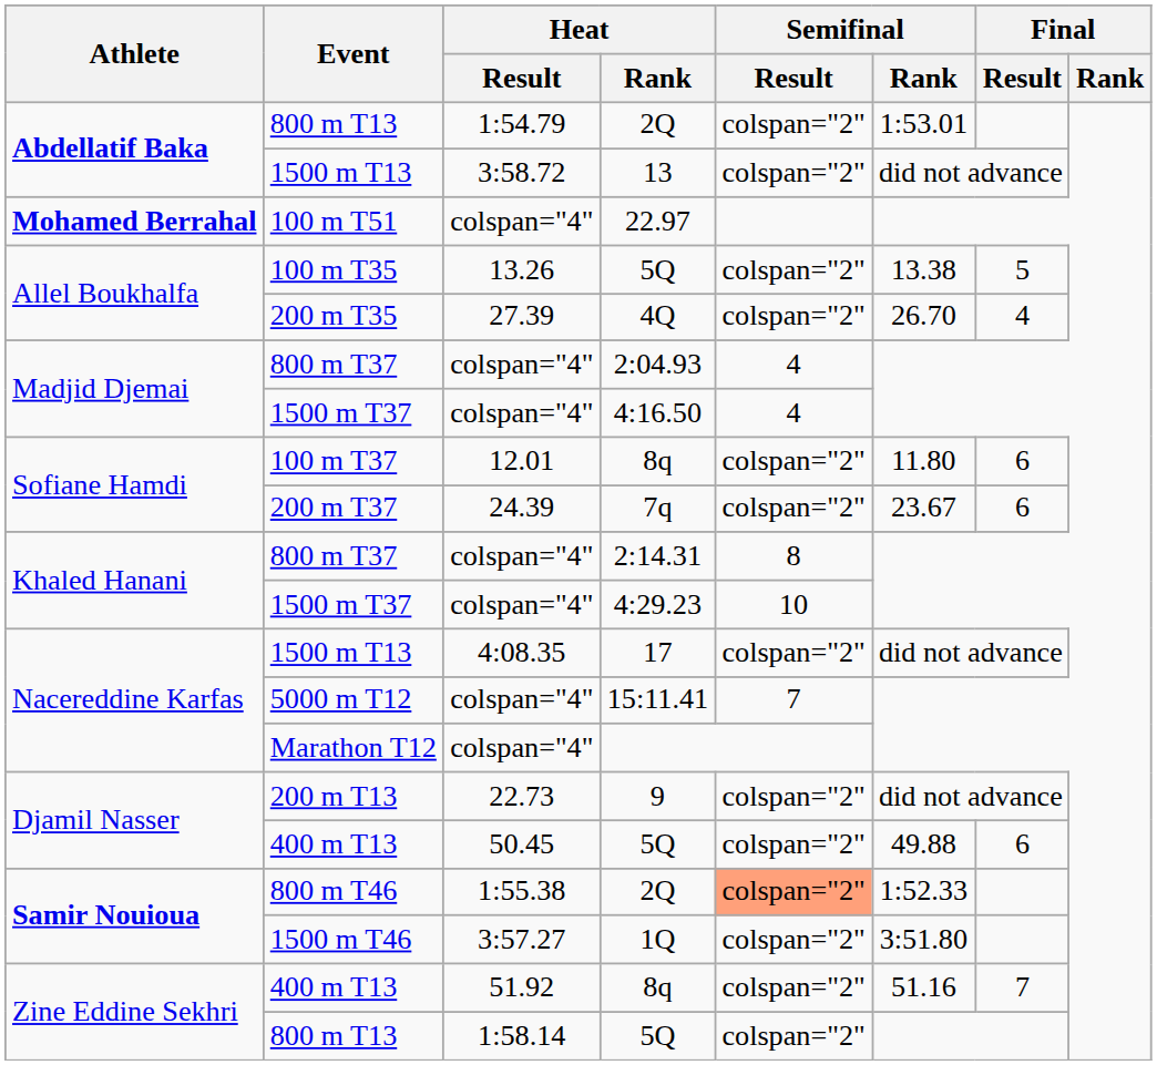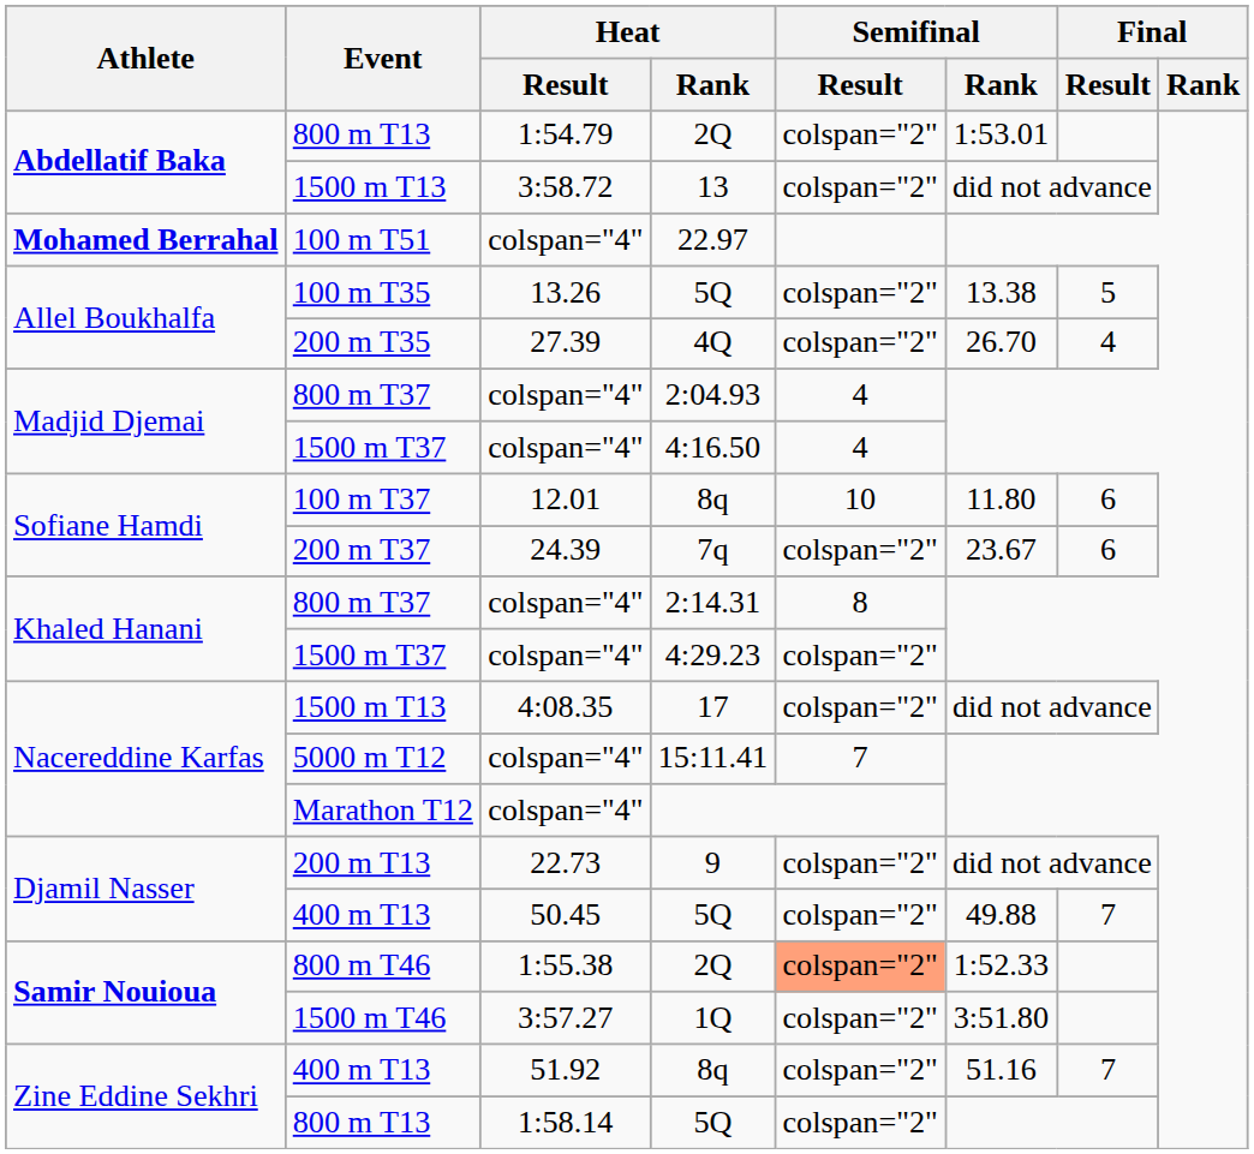 <table class="wikitable" style="text-align:center; font-size:90%">
 <tr>
 <th rowspan="2">Athlete</th>
 <th rowspan="2">Event</th>
 <th colspan="2">Heat</th>
 <th colspan="2">Semifinal</th>
 <th colspan="2">Final</th>
 </tr>
 <tr>
 <th>Result</th>
 <th>Rank</th>
 <th>Result</th>
 <th>Rank</th>
 <th>Result</th>
 <th>Rank</th>
 </tr>
 <tr>
 <td align="left" rowspan="2"><strong><a href='#'>Abdellatif Baka</a></strong></td>
 <td align=left><a href='#'>800 m T13</a></td>
 <td>1:54.79 <strong></strong></td>
 <td>2Q</td>
 <td>colspan="2" </td>
 <td>1:53.01 <strong></strong></td>
 <td></td>
 </tr>
 <tr>
 <td align=left><a href='#'>1500 m T13</a></td>
 <td>3:58.72 <strong></strong></td>
 <td>13</td>
 <td>colspan="2" </td>
 <td colspan=2>did not advance</td>
 </tr>
 <tr>
 <td align="left" rowspan="1"><strong><a href='#'>Mohamed Berrahal</a></strong></td>
 <td align=left><a href='#'>100 m T51</a></td>
 <td>colspan="4" </td>
 <td>22.97 <strong></strong></td>
 <td></td>
 </tr>
 <tr>
 <td align="left" rowspan="2"><a href='#'>Allel Boukhalfa</a></td>
 <td align=left><a href='#'>100 m T35</a></td>
 <td>13.26</td>
 <td>5Q</td>
 <td>colspan="2" </td>
 <td>13.38</td>
 <td>5</td>
 </tr>
 <tr>
 <td align=left><a href='#'>200 m T35</a></td>
 <td>27.39</td>
 <td>4Q</td>
 <td>colspan="2" </td>
 <td>26.70 <strong></strong></td>
 <td>4</td>
 </tr>
 <tr>
 <td align="left" rowspan="2"><a href='#'>Madjid Djemai</a></td>
 <td align=left><a href='#'>800 m T37</a></td>
 <td>colspan="4" </td>
 <td>2:04.93</td>
 <td>4</td>
 </tr>
 <tr>
 <td align=left><a href='#'>1500 m T37</a></td>
 <td>colspan="4" </td>
 <td>4:16.50 <strong></strong></td>
 <td>4</td>
 </tr>
 <tr>
 <td align="left" rowspan="2"><a href='#'>Sofiane Hamdi</a></td>
 <td align=left><a href='#'>100 m T37</a></td>
 <td>12.01</td>
 <td>8q</td>
-<td>colspan="2" </td>
+<td>10</td>
 <td>11.80</td>
 <td>6</td>
 </tr>
 <tr>
 <td align=left><a href='#'>200 m T37</a></td>
 <td>24.39</td>
 <td>7q</td>
 <td>colspan="2" </td>
 <td>23.67</td>
 <td>6</td>
 </tr>
 <tr>
 <td align="left" rowspan="2"><a href='#'>Khaled Hanani</a></td>
 <td align=left><a href='#'>800 m T37</a></td>
 <td>colspan="4" </td>
 <td>2:14.31</td>
 <td>8</td>
 </tr>
 <tr>
 <td align=left><a href='#'>1500 m T37</a></td>
 <td>colspan="4" </td>
 <td>4:29.23</td>
-<td>10</td>
+<td>colspan="2" </td>
 </tr>
 <tr>
 <td align="left" rowspan="3"><a href='#'>Nacereddine Karfas</a></td>
 <td align=left><a href='#'>1500 m T13</a></td>
 <td>4:08.35</td>
 <td>17</td>
 <td>colspan="2" </td>
 <td colspan=2>did not advance</td>
 </tr>
 <tr>
 <td align=left><a href='#'>5000 m T12</a></td>
 <td>colspan="4" </td>
 <td>15:11.41</td>
 <td>7</td>
 </tr>
 <tr>
 <td align=left><a href='#'>Marathon T12</a></td>
 <td>colspan="4" </td>
 <td colspan=2></td>
 </tr>
 <tr>
 <td align="left" rowspan="2"><a href='#'>Djamil Nasser</a></td>
 <td align=left><a href='#'>200 m T13</a></td>
 <td>22.73 <strong></strong></td>
 <td>9</td>
 <td>colspan="2" </td>
 <td colspan=2>did not advance</td>
 </tr>
 <tr>
 <td align=left><a href='#'>400 m T13</a></td>
 <td>50.45 <strong></strong></td>
 <td>5Q</td>
 <td>colspan="2" </td>
 <td>49.88 <strong></strong></td>
-<td>6</td>
+<td>7</td>
 </tr>
 <tr>
 <td align="left" rowspan="2"><strong><a href='#'>Samir Nouioua</a></strong></td>
 <td align=left><a href='#'>800 m T46</a></td>
 <td>1:55.38</td>
 <td>2Q</td>
 <td style="background: lightsalmon;">colspan="2" </td>
 <td>1:52.33 <strong></strong></td>
 <td></td>
 </tr>
 <tr>
 <td align=left><a href='#'>1500 m T46</a></td>
 <td>3:57.27</td>
 <td>1Q</td>
 <td>colspan="2" </td>
 <td>3:51.80 <strong></strong></td>
 <td></td>
 </tr>
 <tr>
 <td align="left" rowspan="2"><a href='#'>Zine Eddine Sekhri</a></td>
 <td align=left><a href='#'>400 m T13</a></td>
 <td>51.92</td>
 <td>8q</td>
 <td>colspan="2" </td>
 <td>51.16 <strong></strong></td>
 <td>7</td>
 </tr>
 <tr>
 <td align=left><a href='#'>800 m T13</a></td>
 <td>1:58.14 <strong></strong></td>
 <td>5Q</td>
 <td>colspan="2" </td>
 <td colspan=2></td>
 </tr>
 </table>
